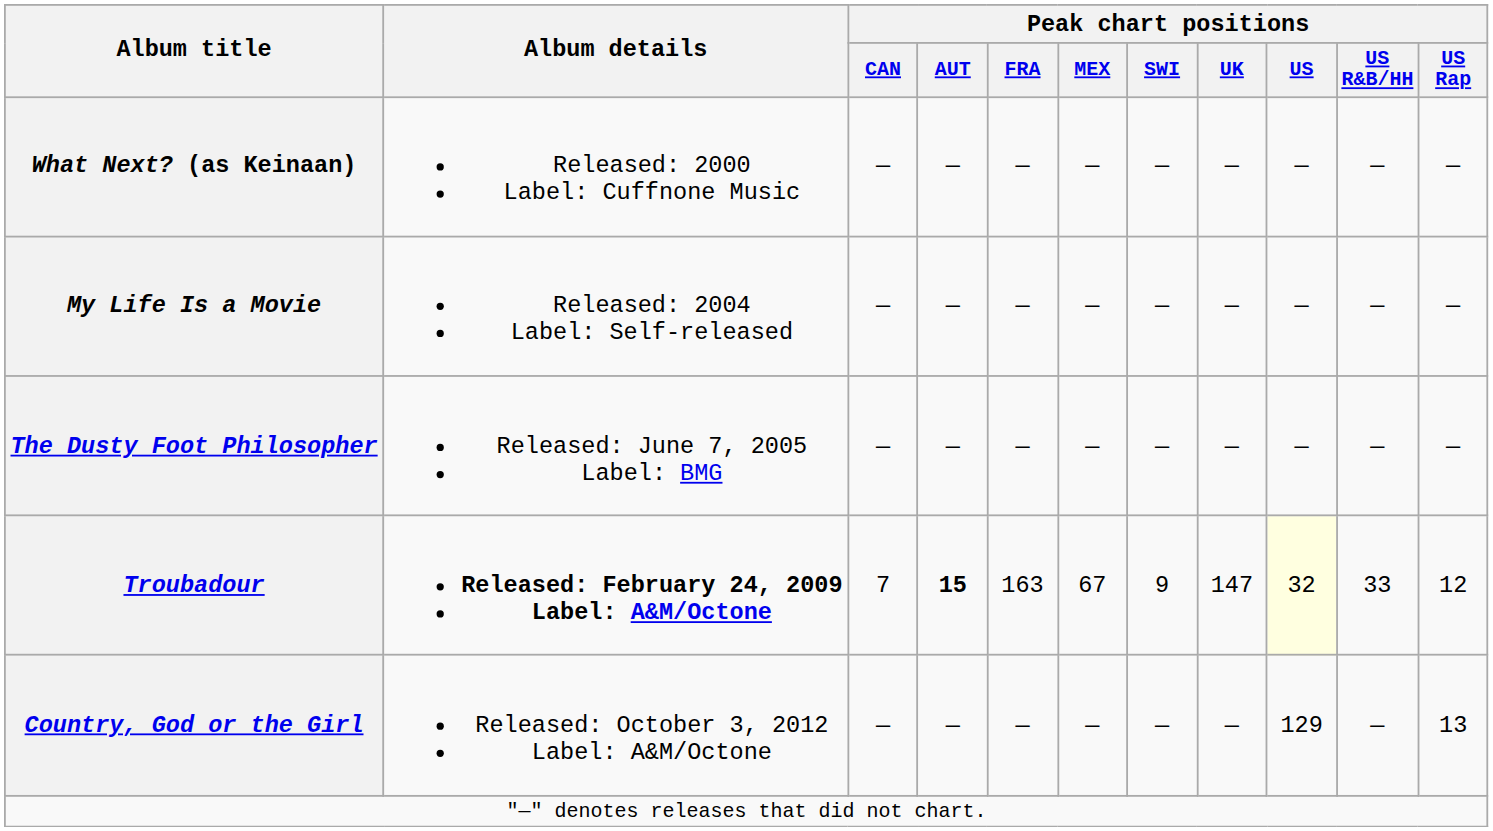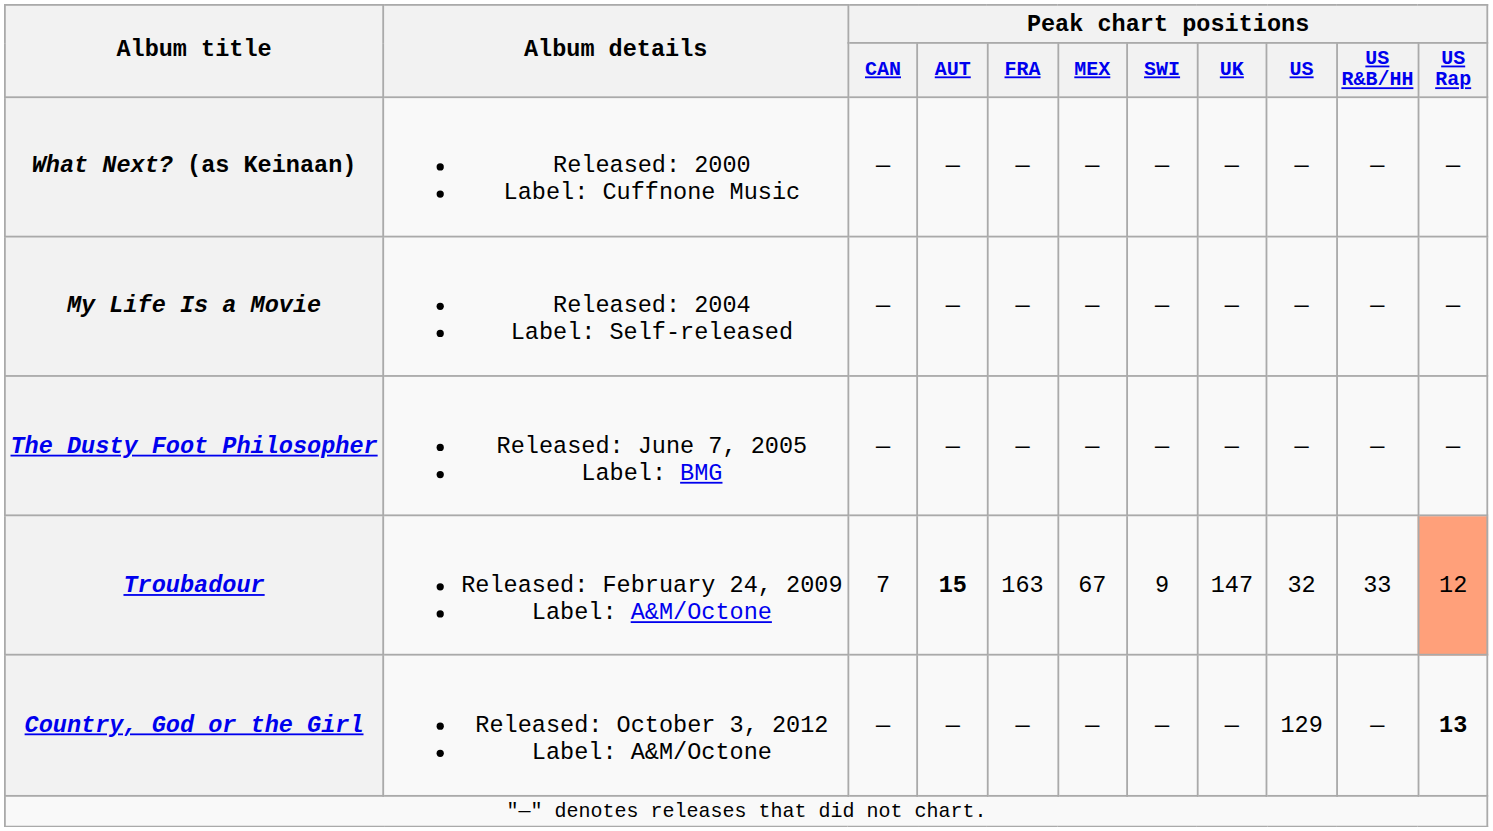 <table class="wikitable plainrowheaders" style="text-align:center;">
 <tr>
 <th scope="col" rowspan="2">Album title</th>
 <th scope="col" rowspan="2">Album details</th>
 <th scope="col" colspan="9">Peak chart positions</th>
 </tr>
 <tr>
 <th scope="col" style="width:3em;font-size:85%;"><a href='#'>CAN</a><br></th>
 <th scope="col" style="width:3em;font-size:85%;"><a href='#'>AUT</a><br></th>
 <th scope="col" style="width:3em;font-size:85%;"><a href='#'>FRA</a><br></th>
 <th scope="col" style="width:3em;font-size:85%;"><a href='#'>MEX</a><br></th>
 <th scope="col" style="width:3em;font-size:85%;"><a href='#'>SWI</a><br></th>
 <th scope="col" style="width:3em;font-size:85%;"><a href='#'>UK</a><br></th>
 <th scope="col" style="width:3em;font-size:85%;"><a href='#'>US</a><br></th>
 <th scope="col" style="width:3em;font-size:85%;"><a href='#'>US<br>R&B/HH</a><br></th>
 <th scope="col" style="width:3em;font-size:85%;"><a href='#'>US<br>Rap</a><br></th>
 </tr>
 <tr>
 <th scope="row"><em>What Next?</em> (as Keinaan)</th>
 <td><br><ul><li>Released: 2000</li><li>Label: Cuffnone Music</li></ul></td>
 <td>—</td>
 <td>—</td>
 <td>—</td>
 <td>—</td>
 <td>—</td>
 <td>—</td>
 <td>—</td>
 <td>—</td>
 <td>—</td>
 </tr>
 <tr>
 <th scope="row"><em>My Life Is a Movie</em></th>
 <td><br><ul><li>Released: 2004</li><li>Label: Self-released</li></ul></td>
 <td>—</td>
 <td>—</td>
 <td>—</td>
 <td>—</td>
 <td>—</td>
 <td>—</td>
 <td>—</td>
 <td>—</td>
 <td>—</td>
 </tr>
 <tr>
 <th scope="row"><em><a href='#'>The Dusty Foot Philosopher</a></em></th>
 <td><br><ul><li>Released: June 7, 2005</li><li>Label: <a href='#'>BMG</a></li></ul></td>
 <td>—</td>
 <td>—</td>
 <td>—</td>
 <td>—</td>
 <td>—</td>
 <td>—</td>
 <td>—</td>
 <td>—</td>
 <td>—</td>
 </tr>
 <tr>
 <th scope="row"><em><a href='#'>Troubadour</a></em></th>
-<td><strong><br><ul><li>Released: February 24, 2009</li><li>Label: <a href='#'>A&M/Octone</a></li></ul></strong></td>
+<td><br><ul><li>Released: February 24, 2009</li><li>Label: <a href='#'>A&M/Octone</a></li></ul></td>
 <td>7</td>
 <td><strong>15</strong></td>
 <td>163</td>
 <td>67</td>
 <td>9</td>
 <td>147</td>
-<td style="background: lightyellow;">32</td>
+<td>32</td>
 <td>33</td>
-<td>12</td>
+<td style="background: lightsalmon;">12</td>
 </tr>
 <tr>
 <th scope="row"><em><a href='#'>Country, God or the Girl</a></em></th>
 <td><br><ul><li>Released: October 3, 2012</li><li>Label: A&M/Octone</li></ul></td>
 <td>—</td>
 <td>—</td>
 <td>—</td>
 <td>—</td>
 <td>—</td>
 <td>—</td>
 <td>129</td>
 <td>—</td>
-<td>13</td>
+<td><strong>13</strong></td>
 </tr>
 <tr>
 <td colspan="18" style="text-align:center; font-size:85%">"—" denotes releases that did not chart.</td>
 </tr>
 </table>
